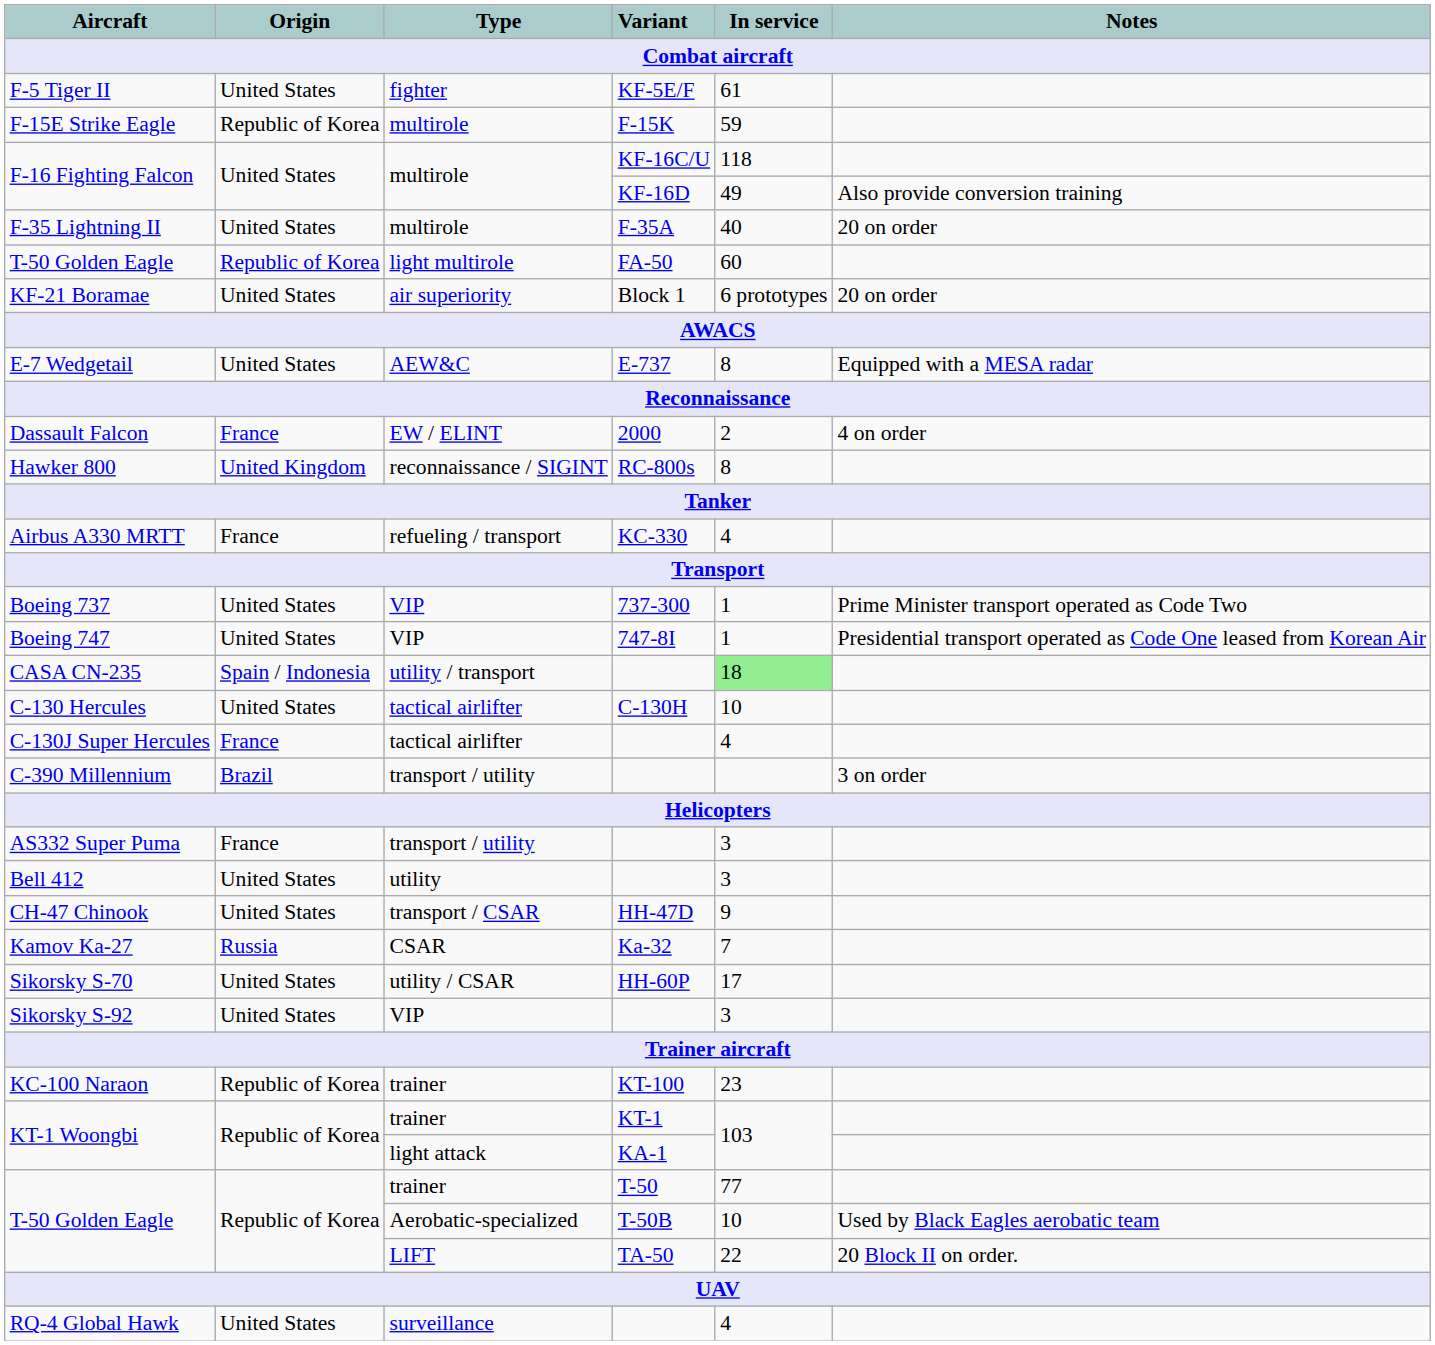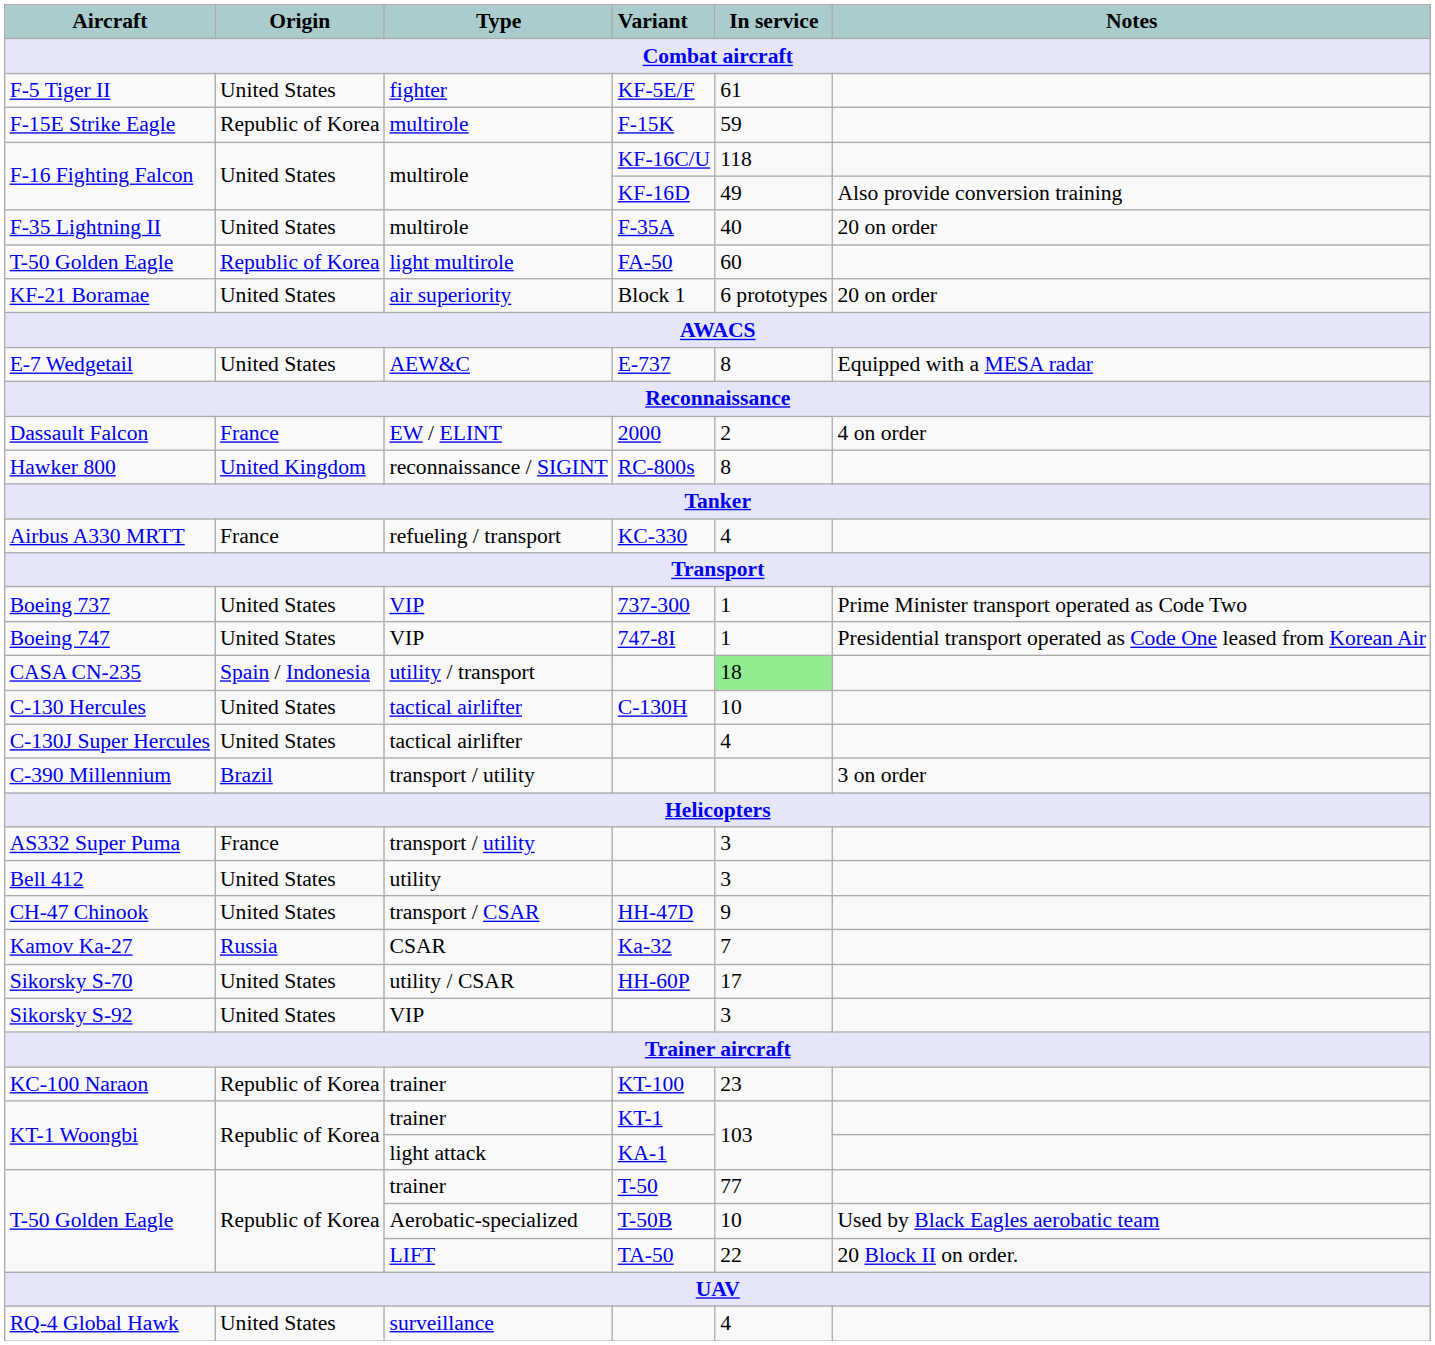 <table class="wikitable">
 <tr>
 <th style="text-align:center; background:#acc;">Aircraft</th>
 <th style="text-align: center; background:#acc;">Origin</th>
 <th style="text-align:l center; background:#acc;">Type</th>
 <th style="text-align:left; background:#acc;">Variant</th>
 <th style="text-align:center; background:#acc;">In service</th>
 <th style="text-align: center; background:#acc;">Notes</th>
 </tr>
 <tr>
 <th colspan="6" style="align: center; background: lavender;"><a href='#'>Combat aircraft</a></th>
 </tr>
 <tr>
 <td><a href='#'>F-5 Tiger II</a></td>
 <td>United States</td>
 <td><a href='#'>fighter</a></td>
 <td><a href='#'>KF-5E/F</a></td>
 <td>61</td>
 <td></td>
 </tr>
 <tr>
 <td><a href='#'>F-15E Strike Eagle</a></td>
 <td>Republic of Korea</td>
 <td><a href='#'>multirole</a></td>
 <td><a href='#'>F-15K</a></td>
 <td>59</td>
 <td></td>
 </tr>
 <tr>
 <td rowspan="2"><a href='#'>F-16 Fighting Falcon</a></td>
 <td rowspan="2">United States</td>
 <td rowspan="2">multirole</td>
 <td><a href='#'>KF-16C/U</a></td>
 <td>118</td>
 <td></td>
 </tr>
 <tr>
 <td><a href='#'>KF-16D</a></td>
 <td>49</td>
 <td>Also provide conversion training</td>
 </tr>
 <tr>
 <td><a href='#'>F-35 Lightning II</a></td>
 <td>United States</td>
 <td>multirole</td>
 <td><a href='#'>F-35A</a></td>
 <td>40</td>
 <td>20 on order</td>
 </tr>
 <tr>
 <td><a href='#'>T-50 Golden Eagle</a></td>
 <td><a href='#'>Republic of Korea</a></td>
 <td><a href='#'>light multirole</a></td>
 <td><a href='#'>FA-50</a></td>
 <td>60</td>
 <td></td>
 </tr>
 <tr>
 <td><a href='#'>KF-21 Boramae</a></td>
 <td>United States</td>
 <td><a href='#'>air superiority</a></td>
 <td>Block 1</td>
 <td>6 prototypes</td>
 <td>20 on order</td>
 </tr>
 <tr>
 <th colspan="6" style="align: center; background: lavender;"><a href='#'>AWACS</a></th>
 </tr>
 <tr>
 <td><a href='#'>E-7 Wedgetail</a></td>
 <td>United States</td>
 <td><a href='#'>AEW&C</a></td>
 <td><a href='#'>E-737</a></td>
 <td>8</td>
 <td>Equipped with a <a href='#'>MESA radar</a></td>
 </tr>
 <tr>
 <th colspan="6" style="align: center; background: lavender;"><a href='#'>Reconnaissance</a></th>
 </tr>
 <tr>
 <td><a href='#'>Dassault Falcon</a></td>
 <td><a href='#'>France</a></td>
 <td><a href='#'>EW</a> / <a href='#'>ELINT</a></td>
 <td><a href='#'>2000</a></td>
 <td>2</td>
 <td>4 on order</td>
 </tr>
 <tr>
 <td><a href='#'>Hawker 800</a></td>
 <td><a href='#'>United Kingdom</a></td>
 <td>reconnaissance / <a href='#'>SIGINT</a></td>
 <td><a href='#'>RC-800s</a></td>
 <td>8</td>
 <td></td>
 </tr>
 <tr>
 <th colspan="6" style="align: center; background: lavender;"><a href='#'>Tanker</a></th>
 </tr>
 <tr>
 <td><a href='#'>Airbus A330 MRTT</a></td>
 <td>France</td>
 <td>refueling / transport</td>
 <td><a href='#'>KC-330</a></td>
 <td>4</td>
 <td></td>
 </tr>
 <tr>
 <th colspan="6" style="align: center; background: lavender;"><a href='#'>Transport</a></th>
 </tr>
 <tr>
 <td><a href='#'>Boeing 737</a></td>
 <td>United States</td>
 <td><a href='#'>VIP</a></td>
 <td><a href='#'>737-300</a></td>
 <td>1</td>
 <td>Prime Minister transport operated as Code Two</td>
 </tr>
 <tr>
 <td><a href='#'>Boeing 747</a></td>
 <td>United States</td>
 <td>VIP</td>
 <td><a href='#'>747-8I</a></td>
 <td>1</td>
 <td>Presidential transport operated as <a href='#'>Code One</a> leased from <a href='#'>Korean Air</a></td>
 </tr>
 <tr>
 <td><a href='#'>CASA CN-235</a></td>
 <td><a href='#'>Spain</a> / <a href='#'>Indonesia</a></td>
 <td><a href='#'>utility</a> / transport</td>
 <td></td>
 <td style="background: lightgreen;">18</td>
 <td></td>
 </tr>
 <tr>
 <td><a href='#'>C-130 Hercules</a></td>
 <td>United States</td>
 <td><a href='#'>tactical airlifter</a></td>
 <td><a href='#'>C-130H</a></td>
 <td>10</td>
 <td></td>
 </tr>
 <tr>
 <td><a href='#'>C-130J Super Hercules</a></td>
-<td><a href='#'>France</a></td>
+<td>United States</td>
 <td>tactical airlifter</td>
 <td></td>
 <td>4</td>
 <td></td>
 </tr>
 <tr>
 <td><a href='#'>C-390 Millennium</a></td>
 <td><a href='#'>Brazil</a></td>
 <td>transport / utility</td>
 <td></td>
 <td></td>
 <td>3 on order</td>
 </tr>
 <tr>
 <th colspan="6" style="align: center; background: lavender;"><a href='#'>Helicopters</a></th>
 </tr>
 <tr>
 <td><a href='#'>AS332 Super Puma</a></td>
 <td>France</td>
 <td>transport / <a href='#'>utility</a></td>
 <td></td>
 <td>3</td>
 <td></td>
 </tr>
 <tr>
 <td><a href='#'>Bell 412</a></td>
 <td>United States</td>
 <td>utility</td>
 <td></td>
 <td>3</td>
 <td></td>
 </tr>
 <tr>
 <td><a href='#'>CH-47 Chinook</a></td>
 <td>United States</td>
 <td>transport / <a href='#'>CSAR</a></td>
 <td><a href='#'>HH-47D</a></td>
 <td>9</td>
 <td></td>
 </tr>
 <tr>
 <td><a href='#'>Kamov Ka-27</a></td>
 <td><a href='#'>Russia</a></td>
 <td>CSAR</td>
 <td><a href='#'>Ka-32</a></td>
 <td>7</td>
 <td></td>
 </tr>
 <tr>
 <td><a href='#'>Sikorsky S-70</a></td>
 <td>United States</td>
 <td>utility / CSAR</td>
 <td><a href='#'>HH-60P</a></td>
 <td>17</td>
 <td></td>
 </tr>
 <tr>
 <td><a href='#'>Sikorsky S-92</a></td>
 <td>United States</td>
 <td>VIP</td>
 <td></td>
 <td>3</td>
 <td></td>
 </tr>
 <tr>
 <th colspan="6" style="align: center; background: lavender;"><a href='#'>Trainer aircraft</a></th>
 </tr>
 <tr>
 <td><a href='#'>KC-100 Naraon</a></td>
 <td>Republic of Korea</td>
 <td>trainer</td>
 <td><a href='#'>KT-100</a></td>
 <td>23</td>
 <td></td>
 </tr>
 <tr>
 <td rowspan="2"><a href='#'>KT-1 Woongbi</a></td>
 <td rowspan="2">Republic of Korea</td>
 <td>trainer</td>
 <td><a href='#'>KT-1</a></td>
 <td rowspan="2">103</td>
 <td></td>
 </tr>
 <tr>
 <td>light attack</td>
 <td><a href='#'>KA-1</a></td>
 <td></td>
 </tr>
 <tr>
 <td rowspan="3"><a href='#'>T-50 Golden Eagle</a></td>
 <td rowspan="3">Republic of Korea</td>
 <td>trainer</td>
 <td><a href='#'>T-50</a></td>
 <td>77</td>
 <td></td>
 </tr>
 <tr>
 <td>Aerobatic-specialized</td>
 <td><a href='#'>T-50B</a></td>
 <td>10</td>
 <td>Used by <a href='#'>Black Eagles aerobatic team</a></td>
 </tr>
 <tr>
 <td><a href='#'>LIFT</a></td>
 <td><a href='#'>TA-50</a></td>
 <td>22</td>
 <td>20 <a href='#'>Block II</a> on order.</td>
 </tr>
 <tr>
 <th colspan="6" style="align: center; background: lavender;"><a href='#'>UAV</a></th>
 </tr>
 <tr>
 <td><a href='#'> RQ-4 Global Hawk</a></td>
 <td>United States</td>
 <td><a href='#'>surveillance</a></td>
 <td></td>
 <td>4</td>
 <td></td>
 </tr>
 </table>
